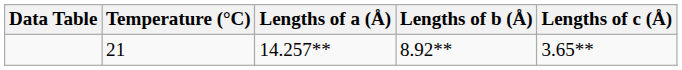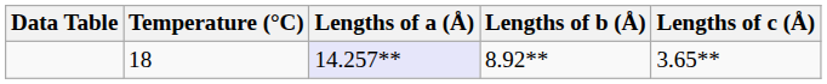 <table class="wikitable">
 <tr>
 <th>Data Table</th>
 <th>Temperature (°C)</th>
 <th>Lengths of a (Å)</th>
 <th>Lengths of b (Å)</th>
 <th>Lengths of c (Å)</th>
 </tr>
 <tr>
 <td></td>
-<td>21</td>
-<td>14.257**</td>
+<td>18</td>
+<td style="background: lavender;">14.257**</td>
 <td>8.92**</td>
 <td>3.65**</td>
 </tr>
 </table>
